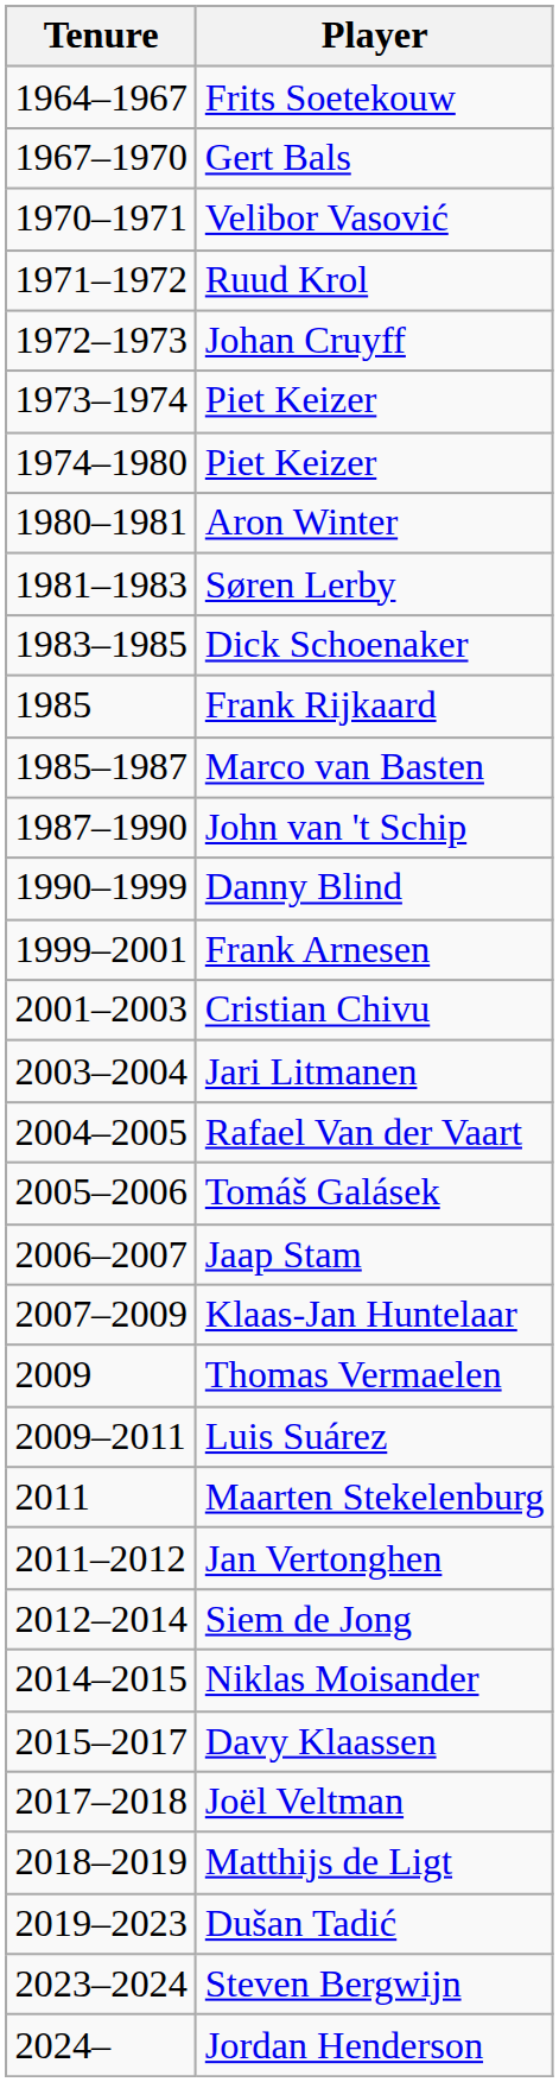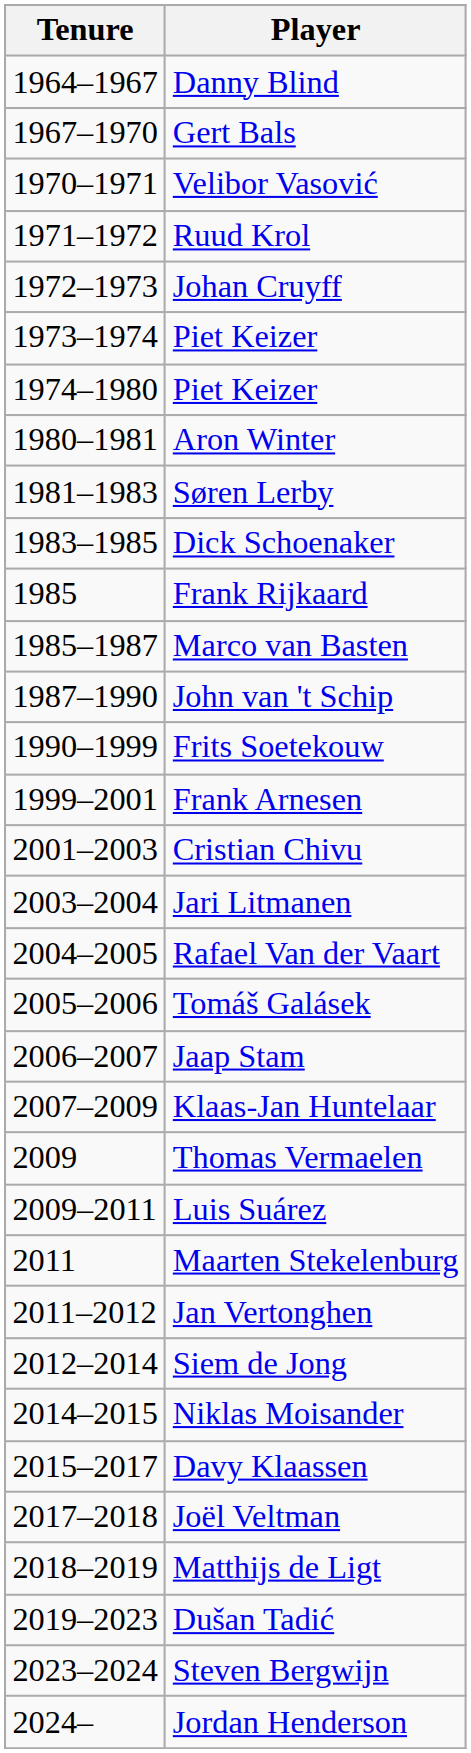 <table class="wikitable plainrowheaders unsortable">
 <tr>
 <th scope="col">Tenure</th>
 <th scope="col">Player</th>
 </tr>
 <tr>
 <td>1964–1967</td>
-<td scope="row"> <a href='#'>Frits Soetekouw</a></td>
+<td scope="row"> <a href='#'>Danny Blind</a></td>
 </tr>
 <tr>
 <td>1967–1970</td>
 <td scope="row"> <a href='#'>Gert Bals</a></td>
 </tr>
 <tr>
 <td>1970–1971</td>
 <td scope="row"> <a href='#'>Velibor Vasović</a></td>
 </tr>
 <tr>
 <td>1971–1972</td>
 <td scope="row"> <a href='#'>Ruud Krol</a></td>
 </tr>
 <tr>
 <td>1972–1973</td>
 <td scope="row"> <a href='#'>Johan Cruyff</a></td>
 </tr>
 <tr>
 <td>1973–1974</td>
 <td scope="row"> <a href='#'>Piet Keizer</a></td>
 </tr>
 <tr>
 <td>1974–1980</td>
 <td scope="row"> <a href='#'>Piet Keizer</a></td>
 </tr>
 <tr>
 <td>1980–1981</td>
 <td scope="row"> <a href='#'>Aron Winter</a></td>
 </tr>
 <tr>
 <td>1981–1983</td>
 <td scope="row"> <a href='#'>Søren Lerby</a></td>
 </tr>
 <tr>
 <td>1983–1985</td>
 <td scope="row"> <a href='#'>Dick Schoenaker</a></td>
 </tr>
 <tr>
 <td>1985</td>
 <td scope="row"> <a href='#'>Frank Rijkaard</a></td>
 </tr>
 <tr>
 <td>1985–1987</td>
 <td scope="row"> <a href='#'>Marco van Basten</a></td>
 </tr>
 <tr>
 <td>1987–1990</td>
 <td scope="row"> <a href='#'>John van 't Schip</a></td>
 </tr>
 <tr>
 <td>1990–1999</td>
-<td scope="row"> <a href='#'>Danny Blind</a></td>
+<td scope="row"> <a href='#'>Frits Soetekouw</a></td>
 </tr>
 <tr>
 <td>1999–2001</td>
 <td scope="row"> <a href='#'>Frank Arnesen</a></td>
 </tr>
 <tr>
 <td>2001–2003</td>
 <td scope="row"> <a href='#'>Cristian Chivu</a></td>
 </tr>
 <tr>
 <td>2003–2004</td>
 <td scope="row"> <a href='#'>Jari Litmanen</a></td>
 </tr>
 <tr>
 <td>2004–2005</td>
 <td scope="row"> <a href='#'>Rafael Van der Vaart</a></td>
 </tr>
 <tr>
 <td>2005–2006</td>
 <td scope="row"> <a href='#'>Tomáš Galásek</a></td>
 </tr>
 <tr>
 <td>2006–2007</td>
 <td scope="row"> <a href='#'>Jaap Stam</a></td>
 </tr>
 <tr>
 <td>2007–2009</td>
 <td scope="row"> <a href='#'>Klaas-Jan Huntelaar</a></td>
 </tr>
 <tr>
 <td>2009</td>
 <td scope="row"> <a href='#'>Thomas Vermaelen</a></td>
 </tr>
 <tr>
 <td>2009–2011</td>
 <td scope="row"> <a href='#'>Luis Suárez</a></td>
 </tr>
 <tr>
 <td>2011</td>
 <td scope="row"> <a href='#'>Maarten Stekelenburg</a></td>
 </tr>
 <tr>
 <td>2011–2012</td>
 <td scope="row"> <a href='#'>Jan Vertonghen</a></td>
 </tr>
 <tr>
 <td>2012–2014</td>
 <td scope="row"> <a href='#'>Siem de Jong</a></td>
 </tr>
 <tr>
 <td>2014–2015</td>
 <td scope="row"> <a href='#'>Niklas Moisander</a></td>
 </tr>
 <tr>
 <td>2015–2017</td>
 <td scope="row"> <a href='#'>Davy Klaassen</a></td>
 </tr>
 <tr>
 <td>2017–2018</td>
 <td scope="row"> <a href='#'>Joël Veltman</a></td>
 </tr>
 <tr>
 <td>2018–2019</td>
 <td scope="row"> <a href='#'>Matthijs de Ligt</a></td>
 </tr>
 <tr>
 <td>2019–2023</td>
 <td scope="row"> <a href='#'>Dušan Tadić</a></td>
 </tr>
 <tr>
 <td>2023–2024</td>
 <td scope="row"> <a href='#'>Steven Bergwijn</a></td>
 </tr>
 <tr>
 <td>2024–</td>
 <td scope="row"> <a href='#'>Jordan Henderson</a></td>
 </tr>
 </table>
